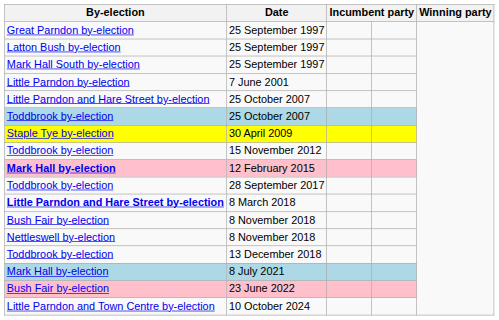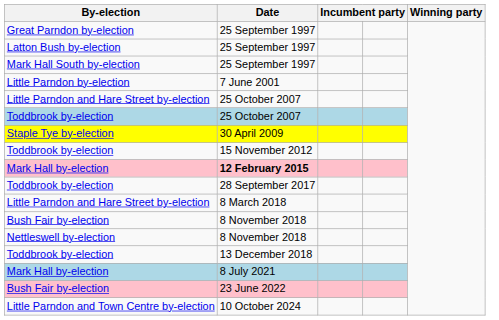 <table class="wikitable">
 <tr>
 <th>By-election</th>
 <th>Date</th>
 <th colspan=2>Incumbent party</th>
 <th colspan=2>Winning party</th>
 </tr>
 <tr bgcolor=>
 <td><a href='#'>Great Parndon by-election</a></td>
 <td>25 September 1997</td>
 <td></td>
 <td></td>
 </tr>
 <tr bgcolor=>
 <td><a href='#'>Latton Bush by-election</a></td>
 <td>25 September 1997</td>
 <td></td>
 <td></td>
 </tr>
 <tr bgcolor=>
 <td><a href='#'>Mark Hall South by-election</a></td>
 <td>25 September 1997</td>
 <td></td>
 <td></td>
 </tr>
 <tr bgcolor=>
 <td><a href='#'>Little Parndon by-election</a></td>
 <td>7 June 2001</td>
 <td></td>
 <td></td>
 </tr>
 <tr bgcolor=>
 <td><a href='#'>Little Parndon and Hare Street by-election</a></td>
 <td>25 October 2007</td>
 <td></td>
 <td></td>
 </tr>
 <tr bgcolor=lightblue>
 <td><a href='#'>Toddbrook by-election</a></td>
 <td>25 October 2007</td>
 <td></td>
 <td></td>
 </tr>
 <tr bgcolor=yellow>
 <td><a href='#'>Staple Tye by-election</a></td>
 <td>30 April 2009</td>
 <td></td>
 <td></td>
 </tr>
 <tr bgcolor=>
 <td><a href='#'>Toddbrook by-election</a></td>
 <td>15 November 2012</td>
 <td></td>
 <td></td>
 </tr>
 <tr bgcolor=pink>
-<td><strong><a href='#'>Mark Hall by-election</a></strong></td>
-<td>12 February 2015</td>
+<td><a href='#'>Mark Hall by-election</a></td>
+<td><strong>12 February 2015</strong></td>
 <td></td>
 <td></td>
 </tr>
 <tr bgcolor=>
 <td><a href='#'>Toddbrook by-election</a></td>
 <td>28 September 2017</td>
 <td></td>
 <td></td>
 </tr>
 <tr bgcolor=>
-<td><strong><a href='#'>Little Parndon and Hare Street by-election</a></strong></td>
+<td><a href='#'>Little Parndon and Hare Street by-election</a></td>
 <td>8 March 2018</td>
 <td></td>
 <td></td>
 </tr>
 <tr bgcolor=>
 <td><a href='#'>Bush Fair by-election</a></td>
 <td>8 November 2018</td>
 <td></td>
 <td></td>
 </tr>
 <tr bgcolor=>
 <td><a href='#'>Nettleswell by-election</a></td>
 <td>8 November 2018</td>
 <td></td>
 <td></td>
 </tr>
 <tr bgcolor=>
 <td><a href='#'>Toddbrook by-election</a></td>
 <td>13 December 2018</td>
 <td></td>
 <td></td>
 </tr>
 <tr bgcolor=lightblue>
 <td><a href='#'>Mark Hall by-election</a></td>
 <td>8 July 2021</td>
 <td></td>
 <td></td>
 </tr>
 <tr bgcolor=pink>
 <td><a href='#'>Bush Fair by-election</a></td>
 <td>23 June 2022</td>
 <td></td>
 <td></td>
 </tr>
 <tr bgcolor=>
 <td><a href='#'>Little Parndon and Town Centre by-election</a></td>
 <td>10 October 2024</td>
 <td></td>
 <td></td>
 </tr>
 </table>
